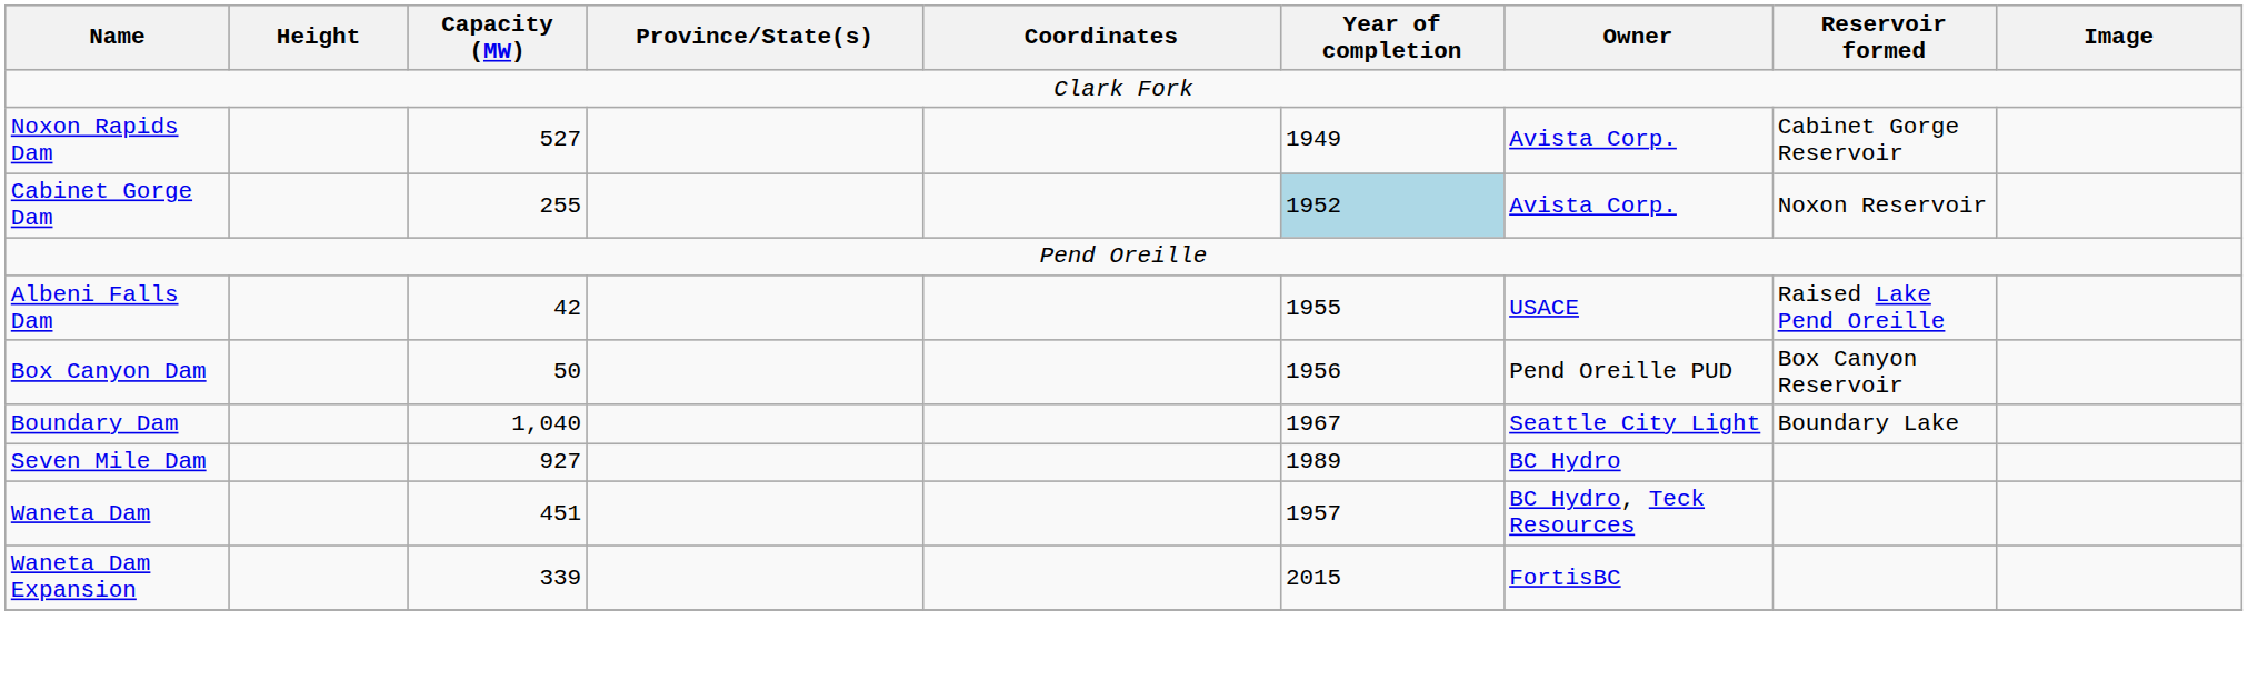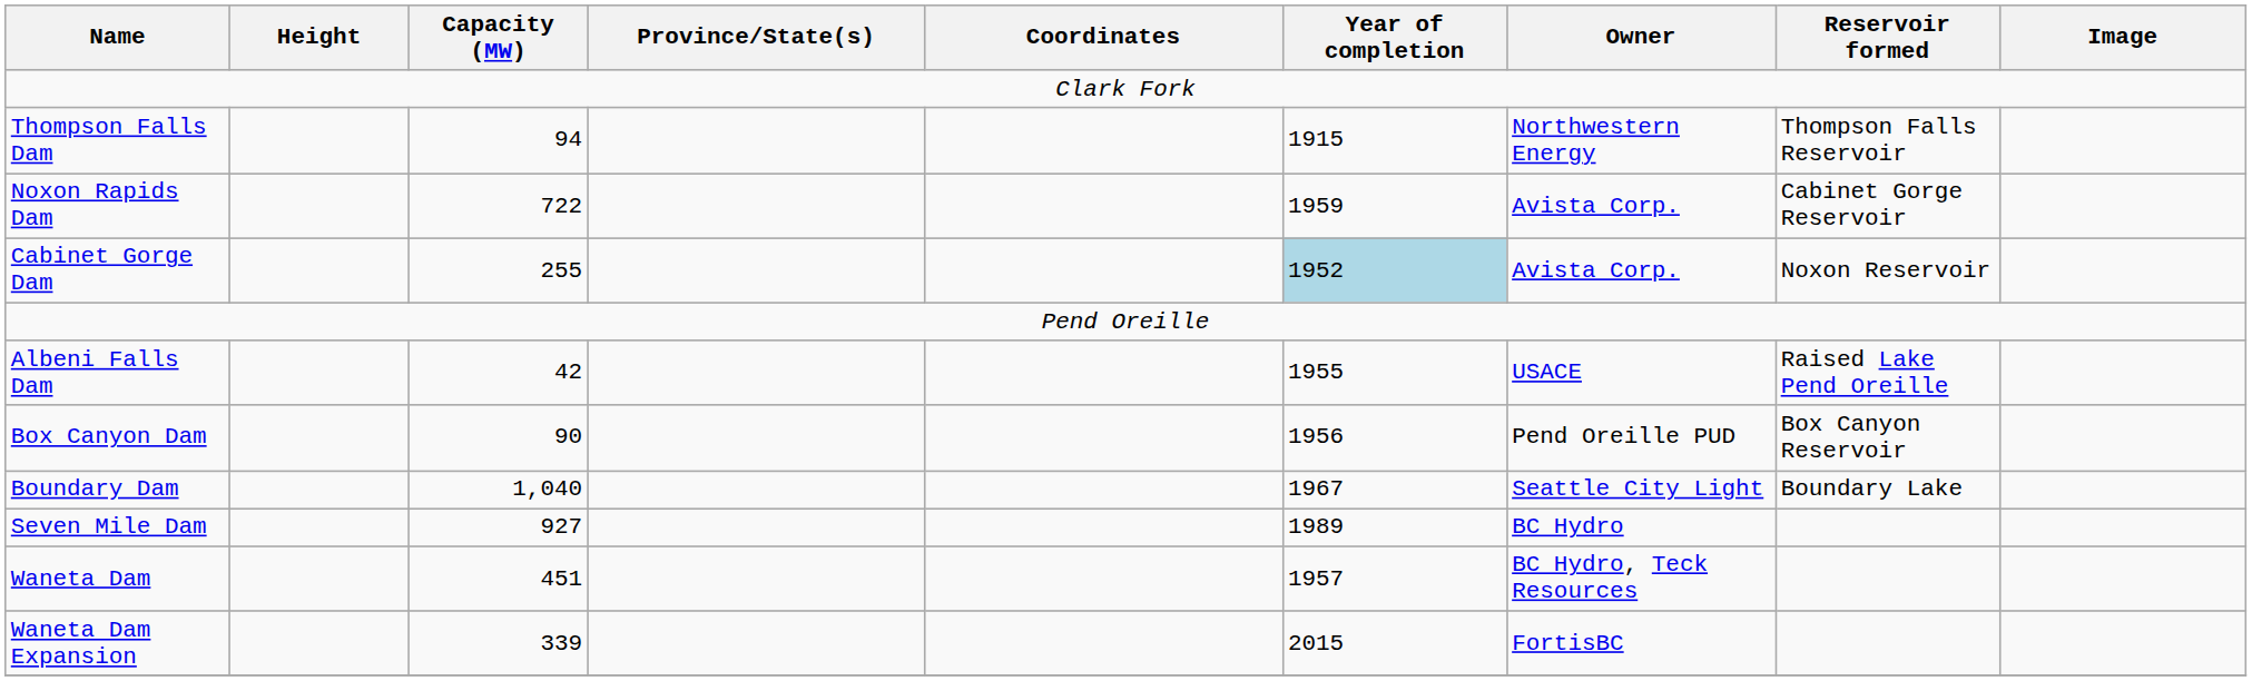 <table class="wikitable sortable" border="1">
 <tr>
 <th width="10%">Name</th>
 <th width="8%">Height</th>
 <th width="8%">Capacity (<a href='#'>MW</a>)</th>
 <th width="15%">Province/State(s)</th>
 <th width="16%">Coordinates</th>
 <th width="10%">Year of completion</th>
 <th width="12%">Owner</th>
 <th width="10%">Reservoir formed</th>
 <th>Image</th>
 </tr>
 <tr>
 <td colspan="9" style="text-align:center;"><em>Clark Fork</em></td>
 </tr>
 <tr>
+<td><a href='#'>Thompson Falls Dam</a></td>
+<td></td>
+<td align="right">94</td>
+<td></td>
+<td></td>
+<td>1915</td>
+<td><a href='#'>Northwestern Energy</a></td>
+<td>Thompson Falls Reservoir</td>
+<td></td>
+</tr>
+<tr>
 <td><a href='#'>Noxon Rapids Dam</a></td>
 <td></td>
-<td align="right">527</td>
+<td align="right">722</td>
 <td></td>
 <td></td>
-<td>1949</td>
+<td>1959</td>
 <td><a href='#'>Avista Corp.</a></td>
 <td>Cabinet Gorge Reservoir</td>
 <td></td>
 </tr>
 <tr>
 <td><a href='#'>Cabinet Gorge Dam</a></td>
 <td></td>
 <td align="right">255</td>
 <td></td>
 <td></td>
 <td style="background: lightblue;">1952</td>
 <td><a href='#'>Avista Corp.</a></td>
 <td>Noxon Reservoir</td>
 <td></td>
 </tr>
 <tr>
 <td colspan="9" style="text-align:center;"><em>Pend Oreille</em></td>
 </tr>
 <tr>
 <td><a href='#'>Albeni Falls Dam</a></td>
 <td></td>
 <td align="right">42</td>
 <td></td>
 <td></td>
 <td>1955</td>
 <td><a href='#'>USACE</a></td>
 <td>Raised <a href='#'>Lake Pend Oreille</a> </td>
 <td></td>
 </tr>
 <tr>
 <td><a href='#'>Box Canyon Dam</a></td>
 <td></td>
-<td align="right">50</td>
+<td align="right">90</td>
 <td></td>
 <td></td>
 <td>1956</td>
 <td>Pend Oreille PUD</td>
 <td>Box Canyon Reservoir</td>
 <td></td>
 </tr>
 <tr>
 <td><a href='#'>Boundary Dam</a></td>
 <td></td>
 <td align="right">1,040</td>
 <td></td>
 <td></td>
 <td>1967</td>
 <td><a href='#'>Seattle City Light</a></td>
 <td>Boundary Lake</td>
 <td></td>
 </tr>
 <tr>
 <td><a href='#'>Seven Mile Dam</a></td>
 <td></td>
 <td align="right">927</td>
 <td></td>
 <td></td>
 <td>1989</td>
 <td><a href='#'>BC Hydro</a></td>
 <td></td>
 <td></td>
 </tr>
 <tr>
 <td><a href='#'>Waneta Dam</a></td>
 <td></td>
 <td align="right">451</td>
 <td></td>
 <td></td>
 <td>1957</td>
 <td><a href='#'>BC Hydro</a>, <a href='#'>Teck Resources</a></td>
 <td></td>
 <td></td>
 </tr>
 <tr>
 <td><a href='#'>Waneta Dam Expansion</a></td>
 <td></td>
 <td align="right">339</td>
 <td></td>
 <td></td>
 <td>2015</td>
 <td><a href='#'>FortisBC</a></td>
 <td></td>
 <td></td>
 </tr>
 <tr>
 </tr>
 </table>
